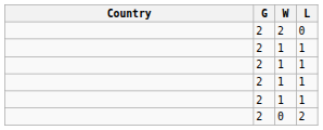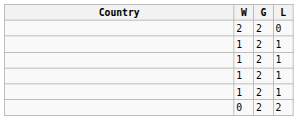 <table class="wikitable">
 <tr>
 <th bgcolor="#efefef" width="300">Country</th>
+<th bgcolor="#efefef" width="20">W</th>
 <th bgcolor="#efefef" width="20">G</th>
-<th bgcolor="#efefef" width="20">W</th>
 <th bgcolor="#efefef" width="20">L</th>
 </tr>
 <tr>
 <td></td>
 <td>2</td>
 <td>2</td>
 <td>0</td>
 </tr>
 <tr>
 <td></td>
+<td>1</td>
 <td>2</td>
-<td>1</td>
 <td>1</td>
 </tr>
 <tr>
 <td></td>
+<td>1</td>
 <td>2</td>
-<td>1</td>
 <td>1</td>
 </tr>
 <tr>
 <td></td>
+<td>1</td>
 <td>2</td>
-<td>1</td>
 <td>1</td>
 </tr>
 <tr>
 <td></td>
+<td>1</td>
 <td>2</td>
-<td>1</td>
 <td>1</td>
 </tr>
 <tr>
 <td></td>
+<td>0</td>
 <td>2</td>
-<td>0</td>
 <td>2</td>
 </tr>
 </table>
